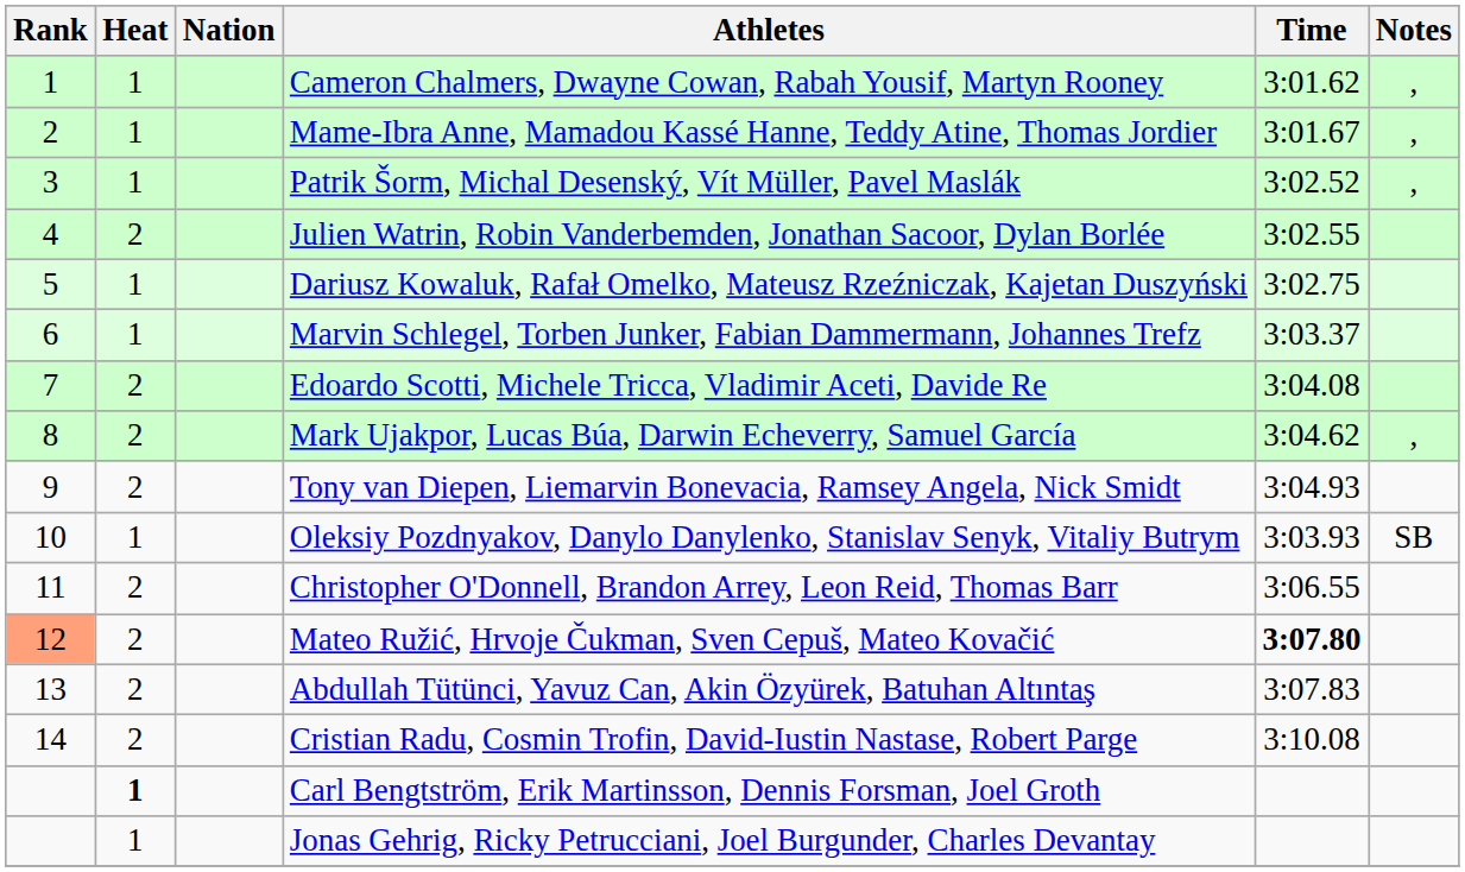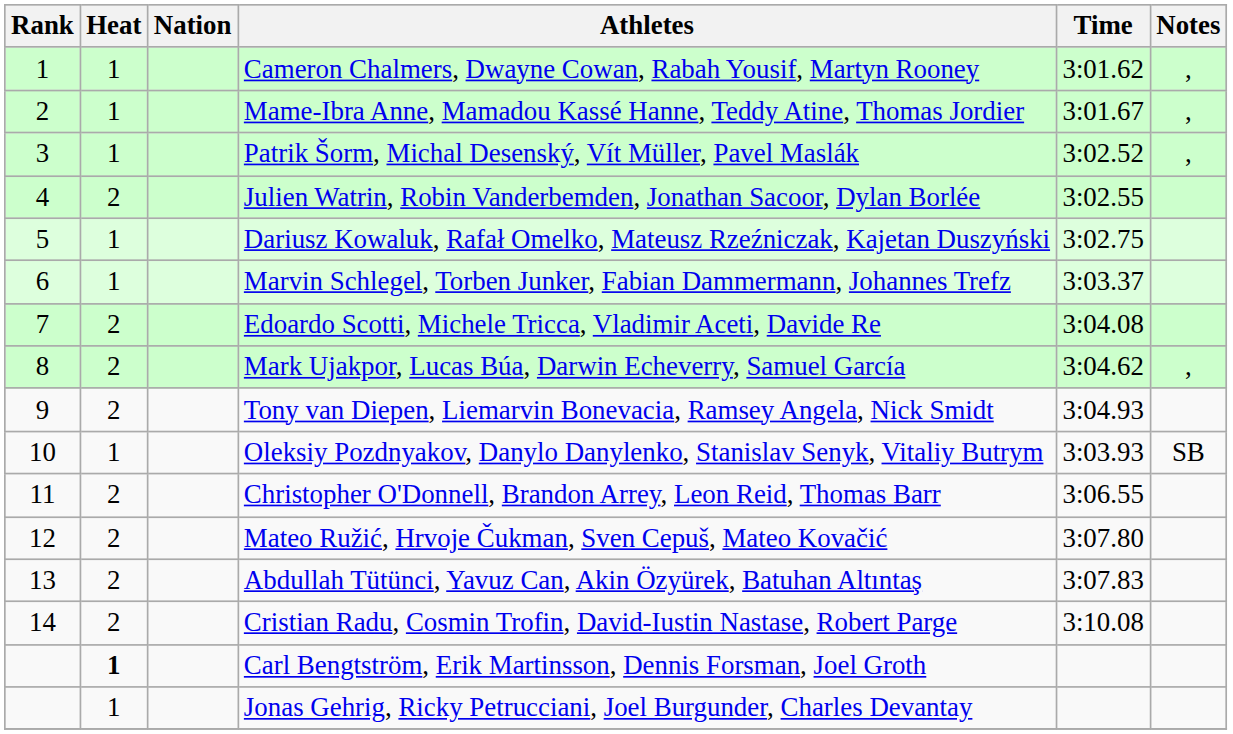 <table class="wikitable sortable" style="text-align:center">
 <tr>
 <th>Rank</th>
 <th>Heat</th>
 <th>Nation</th>
 <th>Athletes</th>
 <th>Time</th>
 <th>Notes</th>
 </tr>
 <tr bgcolor=ccffcc>
 <td>1</td>
 <td>1</td>
 <td align=left></td>
 <td align=left><a href='#'>Cameron Chalmers</a>, <a href='#'>Dwayne Cowan</a>, <a href='#'>Rabah Yousif</a>, <a href='#'>Martyn Rooney</a></td>
 <td>3:01.62</td>
 <td>, <strong></strong></td>
 </tr>
 <tr bgcolor=ccffcc>
 <td>2</td>
 <td>1</td>
 <td align=left></td>
 <td align=left><a href='#'>Mame-Ibra Anne</a>, <a href='#'>Mamadou Kassé Hanne</a>, <a href='#'>Teddy Atine</a>, <a href='#'>Thomas Jordier</a></td>
 <td>3:01.67</td>
 <td>, </td>
 </tr>
 <tr bgcolor=ccffcc>
 <td>3</td>
 <td>1</td>
 <td align=left></td>
 <td align=left><a href='#'>Patrik Šorm</a>, <a href='#'>Michal Desenský</a>, <a href='#'>Vít Müller</a>, <a href='#'>Pavel Maslák</a></td>
 <td>3:02.52</td>
 <td>, <strong></strong></td>
 </tr>
 <tr bgcolor=ccffcc>
 <td>4</td>
 <td>2</td>
 <td align=left></td>
 <td align=left><a href='#'>Julien Watrin</a>, <a href='#'>Robin Vanderbemden</a>, <a href='#'>Jonathan Sacoor</a>, <a href='#'>Dylan Borlée</a></td>
 <td>3:02.55</td>
 <td></td>
 </tr>
 <tr bgcolor=ddffdd>
 <td>5</td>
 <td>1</td>
 <td align=left></td>
 <td align=left><a href='#'>Dariusz Kowaluk</a>, <a href='#'>Rafał Omelko</a>, <a href='#'>Mateusz Rzeźniczak</a>, <a href='#'>Kajetan Duszyński</a></td>
 <td>3:02.75</td>
 <td></td>
 </tr>
 <tr bgcolor=ddffdd>
 <td>6</td>
 <td>1</td>
 <td align=left></td>
 <td align=left><a href='#'>Marvin Schlegel</a>, <a href='#'>Torben Junker</a>, <a href='#'>Fabian Dammermann</a>, <a href='#'>Johannes Trefz</a></td>
 <td>3:03.37</td>
 <td></td>
 </tr>
 <tr bgcolor=ccffcc>
 <td>7</td>
 <td>2</td>
 <td align=left></td>
 <td align=left><a href='#'>Edoardo Scotti</a>, <a href='#'>Michele Tricca</a>, <a href='#'>Vladimir Aceti</a>, <a href='#'>Davide Re</a></td>
 <td>3:04.08</td>
 <td></td>
 </tr>
 <tr bgcolor=ccffcc>
 <td>8</td>
 <td>2</td>
 <td align=left></td>
 <td align=left><a href='#'>Mark Ujakpor</a>, <a href='#'>Lucas Búa</a>, <a href='#'>Darwin Echeverry</a>, <a href='#'>Samuel García</a></td>
 <td>3:04.62</td>
 <td>, </td>
 </tr>
 <tr>
 <td>9</td>
 <td>2</td>
 <td align=left></td>
 <td align=left><a href='#'>Tony van Diepen</a>, <a href='#'>Liemarvin Bonevacia</a>, <a href='#'>Ramsey Angela</a>, <a href='#'>Nick Smidt</a></td>
 <td>3:04.93</td>
 <td></td>
 </tr>
 <tr>
 <td>10</td>
 <td>1</td>
 <td align=left></td>
 <td align=left><a href='#'>Oleksiy Pozdnyakov</a>, <a href='#'>Danylo Danylenko</a>, <a href='#'>Stanislav Senyk</a>, <a href='#'>Vitaliy Butrym</a></td>
 <td>3:03.93</td>
 <td>SB</td>
 </tr>
 <tr>
 <td>11</td>
 <td>2</td>
 <td align=left></td>
 <td align=left><a href='#'>Christopher O'Donnell</a>, <a href='#'>Brandon Arrey</a>, <a href='#'>Leon Reid</a>, <a href='#'>Thomas Barr</a></td>
 <td>3:06.55</td>
 <td></td>
 </tr>
 <tr>
-<td style="background: lightsalmon;">12</td>
+<td>12</td>
 <td>2</td>
 <td align=left></td>
 <td align=left><a href='#'>Mateo Ružić</a>, <a href='#'>Hrvoje Čukman</a>, <a href='#'>Sven Cepuš</a>, <a href='#'>Mateo Kovačić</a></td>
-<td><strong>3:07.80</strong></td>
+<td>3:07.80</td>
 <td></td>
 </tr>
 <tr>
 <td>13</td>
 <td>2</td>
 <td align=left></td>
 <td align=left><a href='#'>Abdullah Tütünci</a>, <a href='#'>Yavuz Can</a>, <a href='#'>Akin Özyürek</a>, <a href='#'>Batuhan Altıntaş</a></td>
 <td>3:07.83</td>
 <td></td>
 </tr>
 <tr>
 <td>14</td>
 <td>2</td>
 <td align=left></td>
 <td align=left><a href='#'>Cristian Radu</a>, <a href='#'>Cosmin Trofin</a>, <a href='#'>David-Iustin Nastase</a>, <a href='#'>Robert Parge</a></td>
 <td>3:10.08</td>
 <td></td>
 </tr>
 <tr>
 <td></td>
 <td><strong>1</strong></td>
 <td align=left></td>
 <td align=left><a href='#'>Carl Bengtström</a>, <a href='#'>Erik Martinsson</a>, <a href='#'>Dennis Forsman</a>, <a href='#'>Joel Groth</a></td>
 <td></td>
 <td></td>
 </tr>
 <tr>
 <td></td>
 <td>1</td>
 <td align=left></td>
 <td align=left><a href='#'>Jonas Gehrig</a>, <a href='#'>Ricky Petrucciani</a>, <a href='#'>Joel Burgunder</a>, <a href='#'>Charles Devantay</a></td>
 <td></td>
 <td></td>
 </tr>
 <tr>
 </tr>
 </table>
